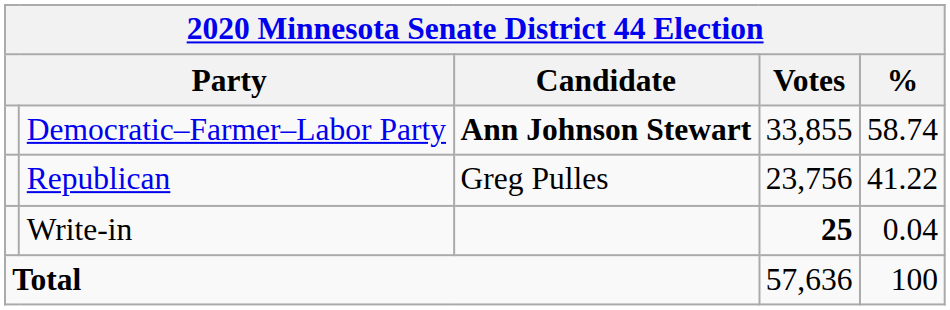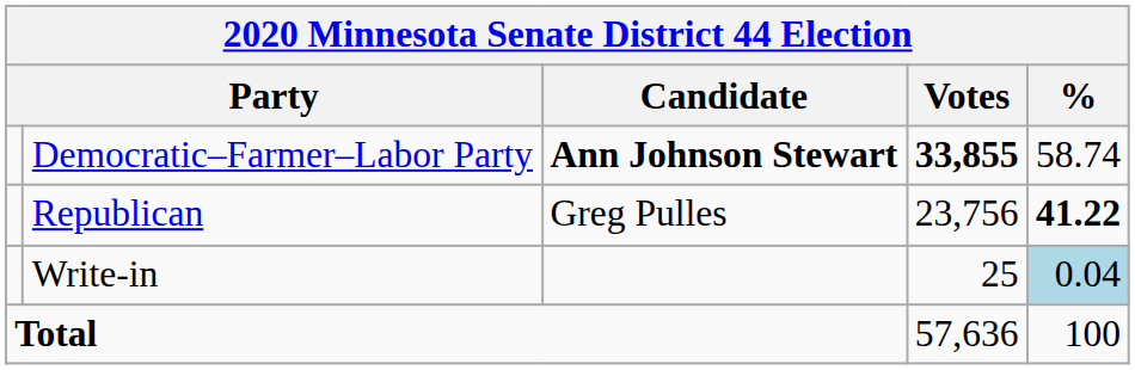 <table class="wikitable">
 <tr>
 <th colspan="6"><a href='#'>2020 Minnesota Senate District 44 Election</a></th>
 </tr>
 <tr>
 <th colspan="2">Party</th>
 <th>Candidate</th>
 <th>Votes</th>
 <th>%</th>
 </tr>
 <tr>
 <td style="background-color:"></td>
 <td><a href='#'>Democratic–Farmer–Labor Party</a></td>
 <td><strong>Ann Johnson Stewart</strong></td>
-<td align="right">33,855</td>
+<td align="right"><strong>33,855</strong></td>
 <td align="right">58.74</td>
 </tr>
 <tr>
 <td style="background-color:"></td>
 <td><a href='#'>Republican</a></td>
 <td>Greg Pulles</td>
 <td align="right">23,756</td>
-<td align="right">41.22</td>
+<td align="right"><strong>41.22</strong></td>
 </tr>
 <tr>
 <td Write-in></td>
 <td>Write-in</td>
 <td></td>
-<td align="right"><strong>25</strong></td>
-<td align="right">0.04</td>
+<td align="right">25</td>
+<td align="right" style="background: lightblue;">0.04</td>
 </tr>
 <tr>
 <td colspan="3"><strong>Total</strong></td>
 <td align="right">57,636</td>
 <td align="right">100</td>
 </tr>
 </table>
